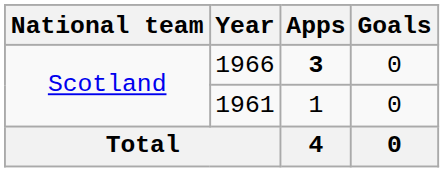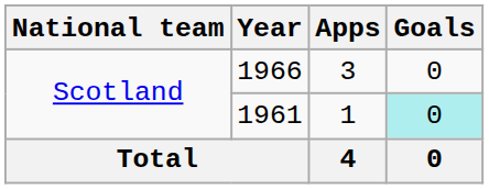 <table class="wikitable" style="font-size:100%; text-align: center">
 <tr>
 <th>National team</th>
 <th>Year</th>
 <th>Apps</th>
 <th>Goals</th>
 </tr>
 <tr>
 <td rowspan="2"><a href='#'>Scotland</a></td>
 <td>1966</td>
-<td><strong>3</strong></td>
+<td>3</td>
 <td>0</td>
 </tr>
 <tr>
 <td>1961</td>
 <td>1</td>
-<td>0</td>
+<td style="background: paleturquoise;">0</td>
 </tr>
 <tr>
 <th colspan=2>Total</th>
 <th>4</th>
 <th>0</th>
 </tr>
 </table>
